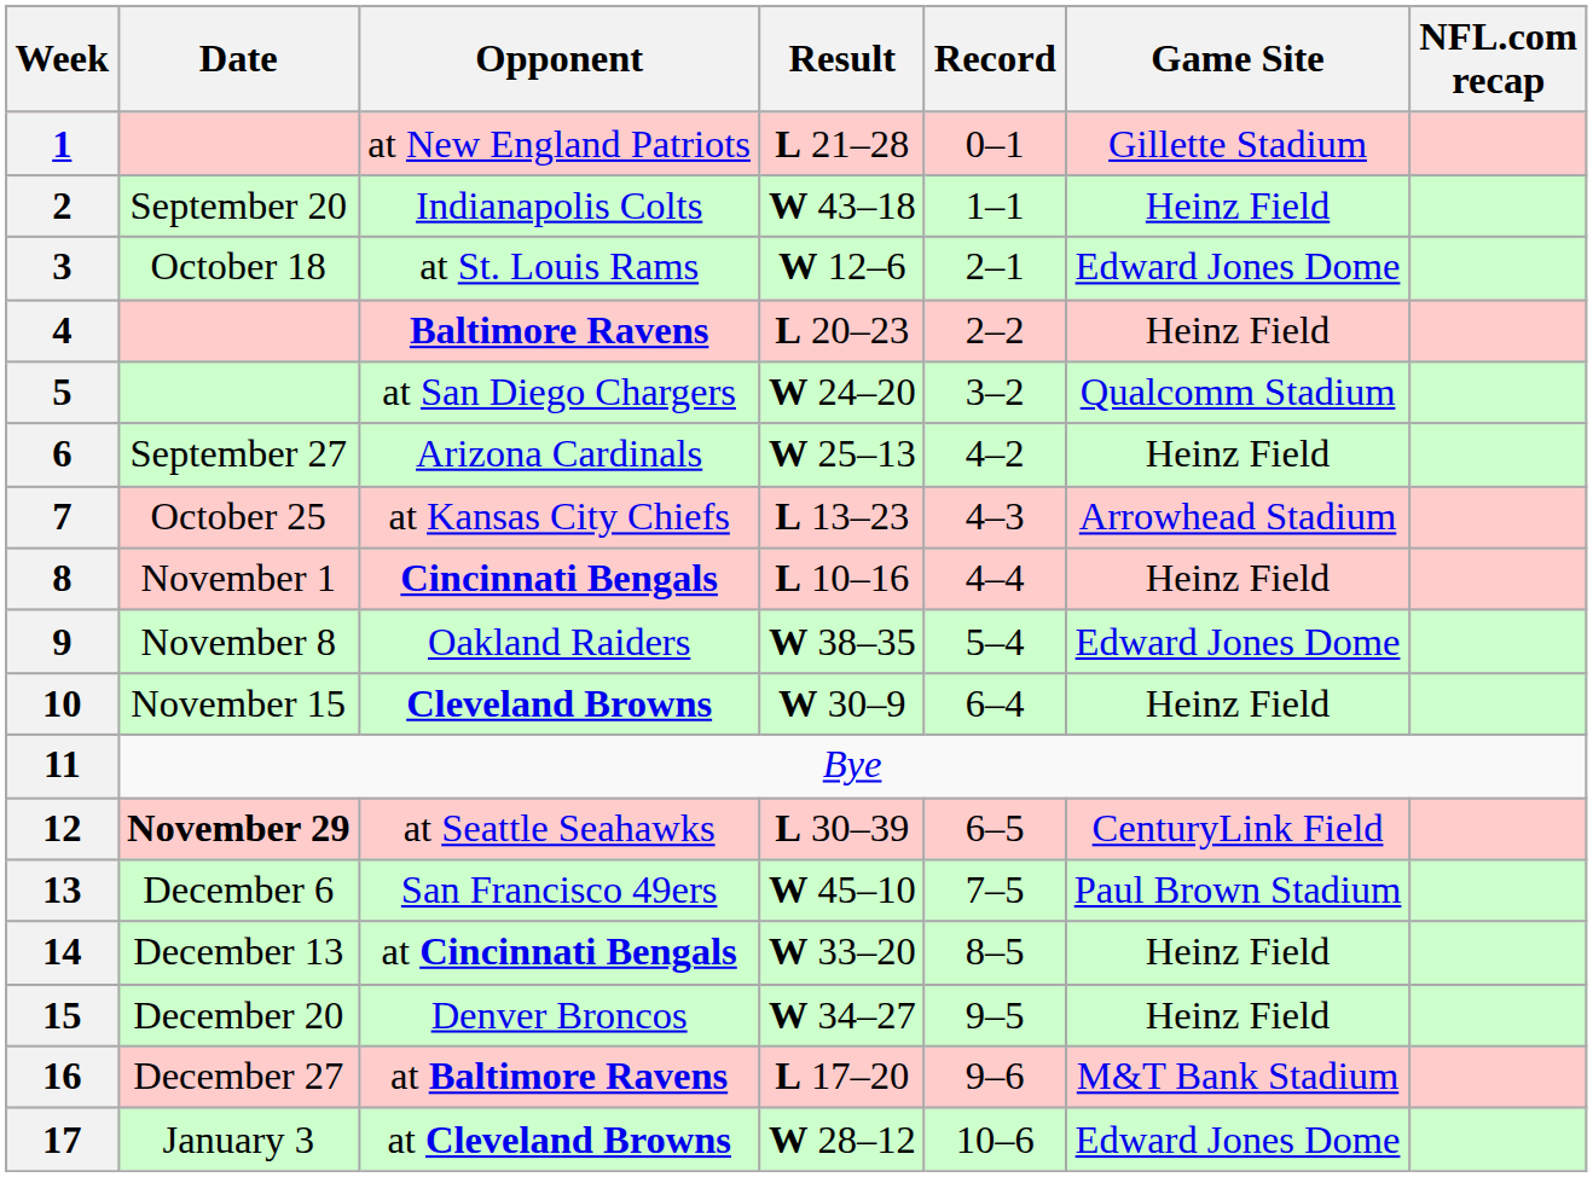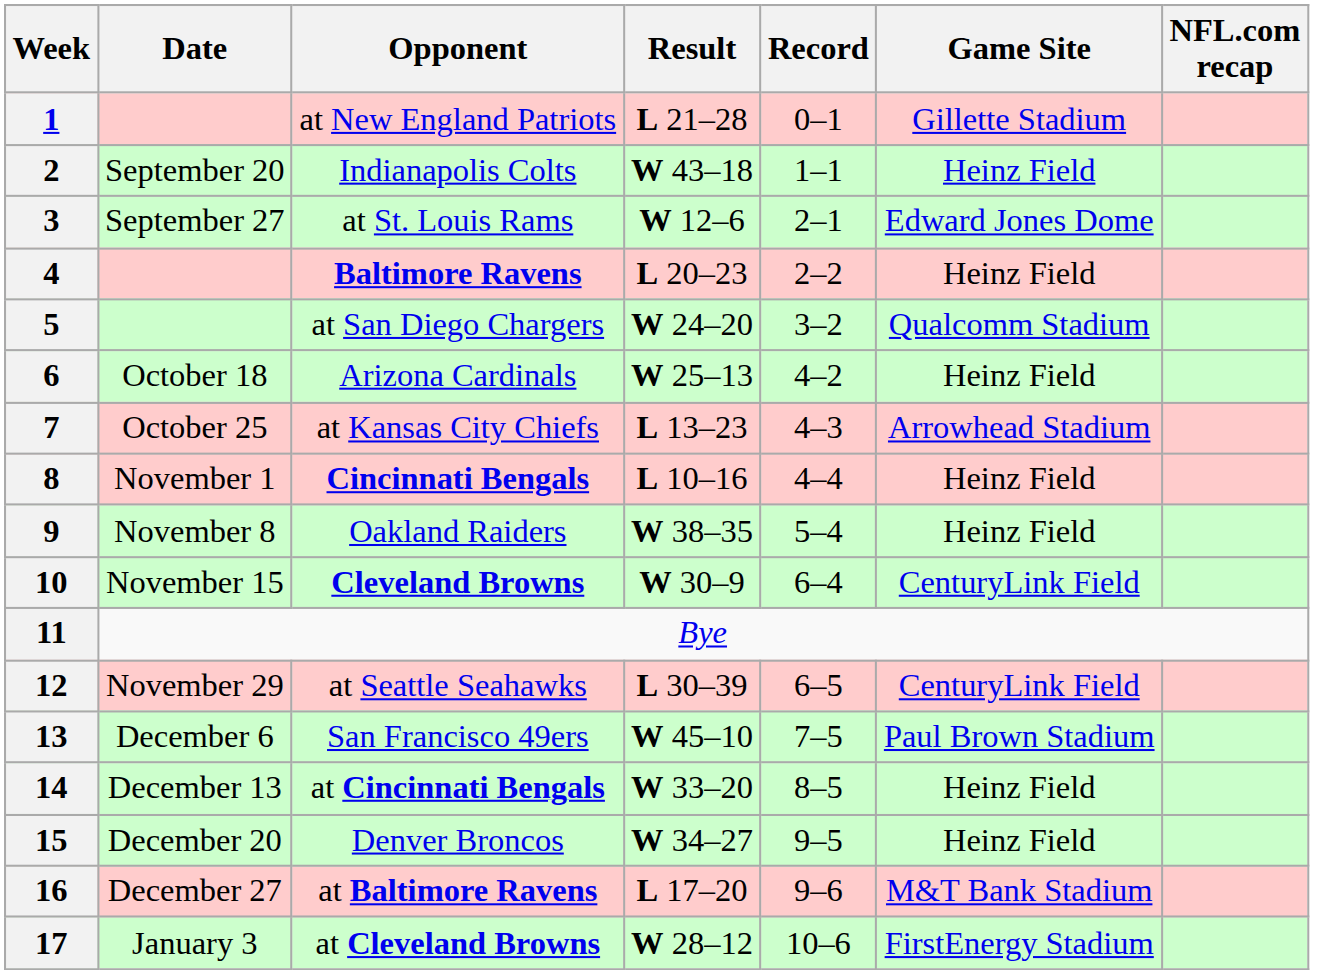 <table class="wikitable" style="text-align:center">
 <tr>
 <th>Week</th>
 <th>Date</th>
 <th>Opponent</th>
 <th>Result</th>
 <th>Record</th>
 <th>Game Site</th>
 <th>NFL.com<br>recap</th>
 </tr>
 <tr style="background:#fcc">
 <th><a href='#'>1</a></th>
 <td></td>
 <td>at <a href='#'>New England Patriots</a></td>
 <td><strong>L</strong> 21–28</td>
 <td>0–1</td>
 <td><a href='#'>Gillette Stadium</a></td>
 <td></td>
 </tr>
 <tr style="background:#cfc">
 <th>2</th>
 <td>September 20</td>
 <td><a href='#'>Indianapolis Colts</a></td>
 <td><strong>W</strong> 43–18</td>
 <td>1–1</td>
 <td><a href='#'>Heinz Field</a></td>
 <td></td>
 </tr>
 <tr style="background:#cfc">
 <th>3</th>
-<td>October 18</td>
+<td>September 27</td>
 <td>at <a href='#'>St. Louis Rams</a></td>
 <td><strong>W</strong> 12–6</td>
 <td>2–1</td>
 <td><a href='#'>Edward Jones Dome</a></td>
 <td></td>
 </tr>
 <tr style="background:#fcc">
 <th>4</th>
 <td></td>
 <td><strong><a href='#'>Baltimore Ravens</a></strong></td>
 <td><strong>L</strong> 20–23 </td>
 <td>2–2</td>
 <td>Heinz Field</td>
 <td></td>
 </tr>
 <tr style="background:#cfc">
 <th>5</th>
 <td></td>
 <td>at <a href='#'>San Diego Chargers</a></td>
 <td><strong>W</strong> 24–20</td>
 <td>3–2</td>
 <td><a href='#'>Qualcomm Stadium</a></td>
 <td></td>
 </tr>
 <tr style="background:#cfc">
 <th>6</th>
-<td>September 27</td>
+<td>October 18</td>
 <td><a href='#'>Arizona Cardinals</a></td>
 <td><strong>W</strong> 25–13</td>
 <td>4–2</td>
 <td>Heinz Field</td>
 <td></td>
 </tr>
 <tr style="background:#fcc">
 <th>7</th>
 <td>October 25</td>
 <td>at <a href='#'>Kansas City Chiefs</a></td>
 <td><strong>L</strong> 13–23</td>
 <td>4–3</td>
 <td><a href='#'>Arrowhead Stadium</a></td>
 <td></td>
 </tr>
 <tr style="background:#fcc">
 <th>8</th>
 <td>November 1</td>
 <td><strong><a href='#'>Cincinnati Bengals</a></strong></td>
 <td><strong>L</strong> 10–16</td>
 <td>4–4</td>
 <td>Heinz Field</td>
 <td></td>
 </tr>
 <tr style="background:#cfc">
 <th>9</th>
 <td>November 8</td>
 <td><a href='#'>Oakland Raiders</a></td>
 <td><strong>W</strong> 38–35</td>
 <td>5–4</td>
-<td><a href='#'>Edward Jones Dome</a></td>
+<td>Heinz Field</td>
 <td></td>
 </tr>
 <tr style="background:#cfc">
 <th>10</th>
 <td>November 15</td>
 <td><strong><a href='#'>Cleveland Browns</a></strong></td>
 <td><strong>W</strong> 30–9</td>
 <td>6–4</td>
-<td>Heinz Field</td>
+<td><a href='#'>CenturyLink Field</a></td>
 <td></td>
 </tr>
 <tr>
 <th>11</th>
 <td colspan=8><em><a href='#'>Bye</a></em></td>
 </tr>
 <tr style="background:#fcc">
 <th>12</th>
-<td><strong>November 29</strong></td>
+<td>November 29</td>
 <td>at <a href='#'>Seattle Seahawks</a></td>
 <td><strong>L</strong> 30–39</td>
 <td>6–5</td>
 <td><a href='#'>CenturyLink Field</a></td>
 <td></td>
 </tr>
 <tr style="background:#cfc">
 <th>13</th>
 <td>December 6</td>
 <td><a href='#'>San Francisco 49ers</a></td>
 <td><strong>W</strong> 45–10</td>
 <td>7–5</td>
 <td><a href='#'>Paul Brown Stadium</a></td>
 <td></td>
 </tr>
 <tr style="background:#cfc">
 <th>14</th>
 <td>December 13</td>
 <td>at <strong><a href='#'>Cincinnati Bengals</a></strong></td>
 <td><strong>W</strong> 33–20</td>
 <td>8–5</td>
 <td>Heinz Field</td>
 <td></td>
 </tr>
 <tr style="background:#cfc">
 <th>15</th>
 <td>December 20</td>
 <td><a href='#'>Denver Broncos</a></td>
 <td><strong>W</strong> 34–27</td>
 <td>9–5</td>
 <td>Heinz Field</td>
 <td></td>
 </tr>
 <tr style="background:#fcc">
 <th>16</th>
 <td>December 27</td>
 <td>at <strong><a href='#'>Baltimore Ravens</a></strong></td>
 <td><strong>L</strong> 17–20</td>
 <td>9–6</td>
 <td><a href='#'>M&T Bank Stadium</a></td>
 <td></td>
 </tr>
 <tr style="background:#cfc">
 <th>17</th>
 <td>January 3</td>
 <td>at <strong><a href='#'>Cleveland Browns</a></strong></td>
 <td><strong>W</strong> 28–12</td>
 <td>10–6</td>
-<td><a href='#'>Edward Jones Dome</a></td>
+<td><a href='#'>FirstEnergy Stadium</a></td>
 <td></td>
 </tr>
 </table>
